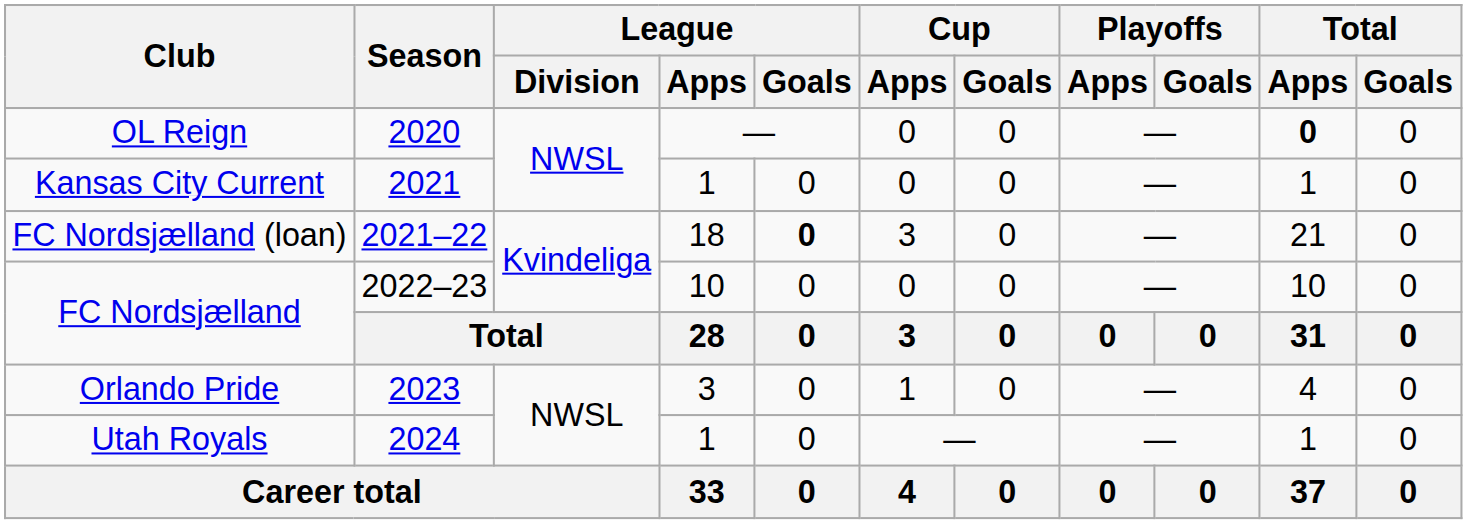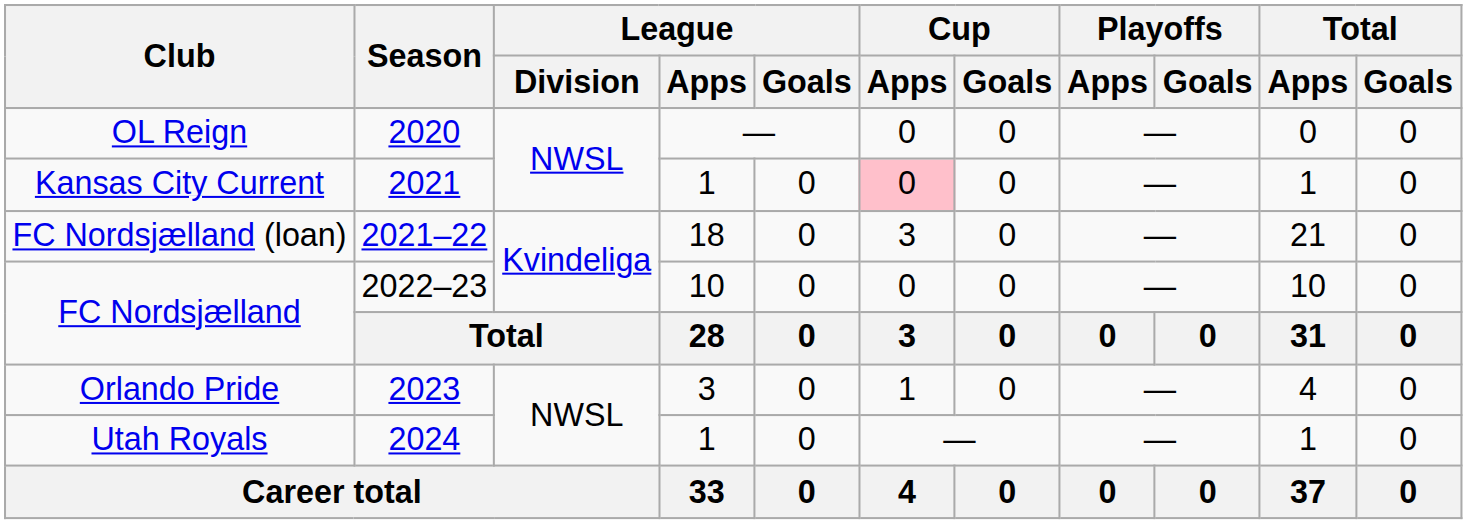 <table class="wikitable" style="text-align: center;">
 <tr>
 <th rowspan="2">Club</th>
 <th rowspan="2">Season</th>
 <th colspan="3">League</th>
 <th colspan="2">Cup</th>
 <th colspan="2">Playoffs</th>
 <th colspan="2">Total</th>
 </tr>
 <tr>
 <th>Division</th>
 <th>Apps</th>
 <th>Goals</th>
 <th>Apps</th>
 <th>Goals</th>
 <th>Apps</th>
 <th>Goals</th>
 <th>Apps</th>
 <th>Goals</th>
 </tr>
 <tr>
 <td><a href='#'>OL Reign</a></td>
 <td><a href='#'>2020</a></td>
 <td rowspan="2"><a href='#'>NWSL</a></td>
 <td colspan="2">—</td>
 <td>0</td>
 <td>0</td>
 <td colspan="2">—</td>
-<td><strong>0</strong></td>
+<td>0</td>
 <td>0</td>
 </tr>
 <tr>
 <td><a href='#'>Kansas City Current</a></td>
 <td><a href='#'>2021</a></td>
 <td>1</td>
 <td>0</td>
-<td>0</td>
+<td style="background: pink;">0</td>
 <td>0</td>
 <td colspan="2">—</td>
 <td>1</td>
 <td>0</td>
 </tr>
 <tr>
 <td><a href='#'>FC Nordsjælland</a> (loan)</td>
 <td><a href='#'>2021–22</a></td>
 <td rowspan="2"><a href='#'>Kvindeliga</a></td>
 <td>18</td>
-<td><strong>0</strong></td>
+<td>0</td>
 <td>3</td>
 <td>0</td>
 <td colspan="2">—</td>
 <td>21</td>
 <td>0</td>
 </tr>
 <tr>
 <td rowspan="2"><a href='#'>FC Nordsjælland</a></td>
 <td>2022–23</td>
 <td>10</td>
 <td>0</td>
 <td>0</td>
 <td>0</td>
 <td colspan="2">—</td>
 <td>10</td>
 <td>0</td>
 </tr>
 <tr>
 <th colspan="2">Total</th>
 <th>28</th>
 <th>0</th>
 <th>3</th>
 <th>0</th>
 <th>0</th>
 <th>0</th>
 <th>31</th>
 <th>0</th>
 </tr>
 <tr>
 <td><a href='#'>Orlando Pride</a></td>
 <td><a href='#'>2023</a></td>
 <td rowspan="2">NWSL</td>
 <td>3</td>
 <td>0</td>
 <td>1</td>
 <td>0</td>
 <td colspan="2">—</td>
 <td>4</td>
 <td>0</td>
 </tr>
 <tr>
 <td><a href='#'>Utah Royals</a></td>
 <td><a href='#'>2024</a></td>
 <td>1</td>
 <td>0</td>
 <td colspan="2">—</td>
 <td colspan="2">—</td>
 <td>1</td>
 <td>0</td>
 </tr>
 <tr>
 <th colspan="3">Career total</th>
 <th>33</th>
 <th>0</th>
 <th>4</th>
 <th>0</th>
 <th>0</th>
 <th>0</th>
 <th>37</th>
 <th>0</th>
 </tr>
 </table>
